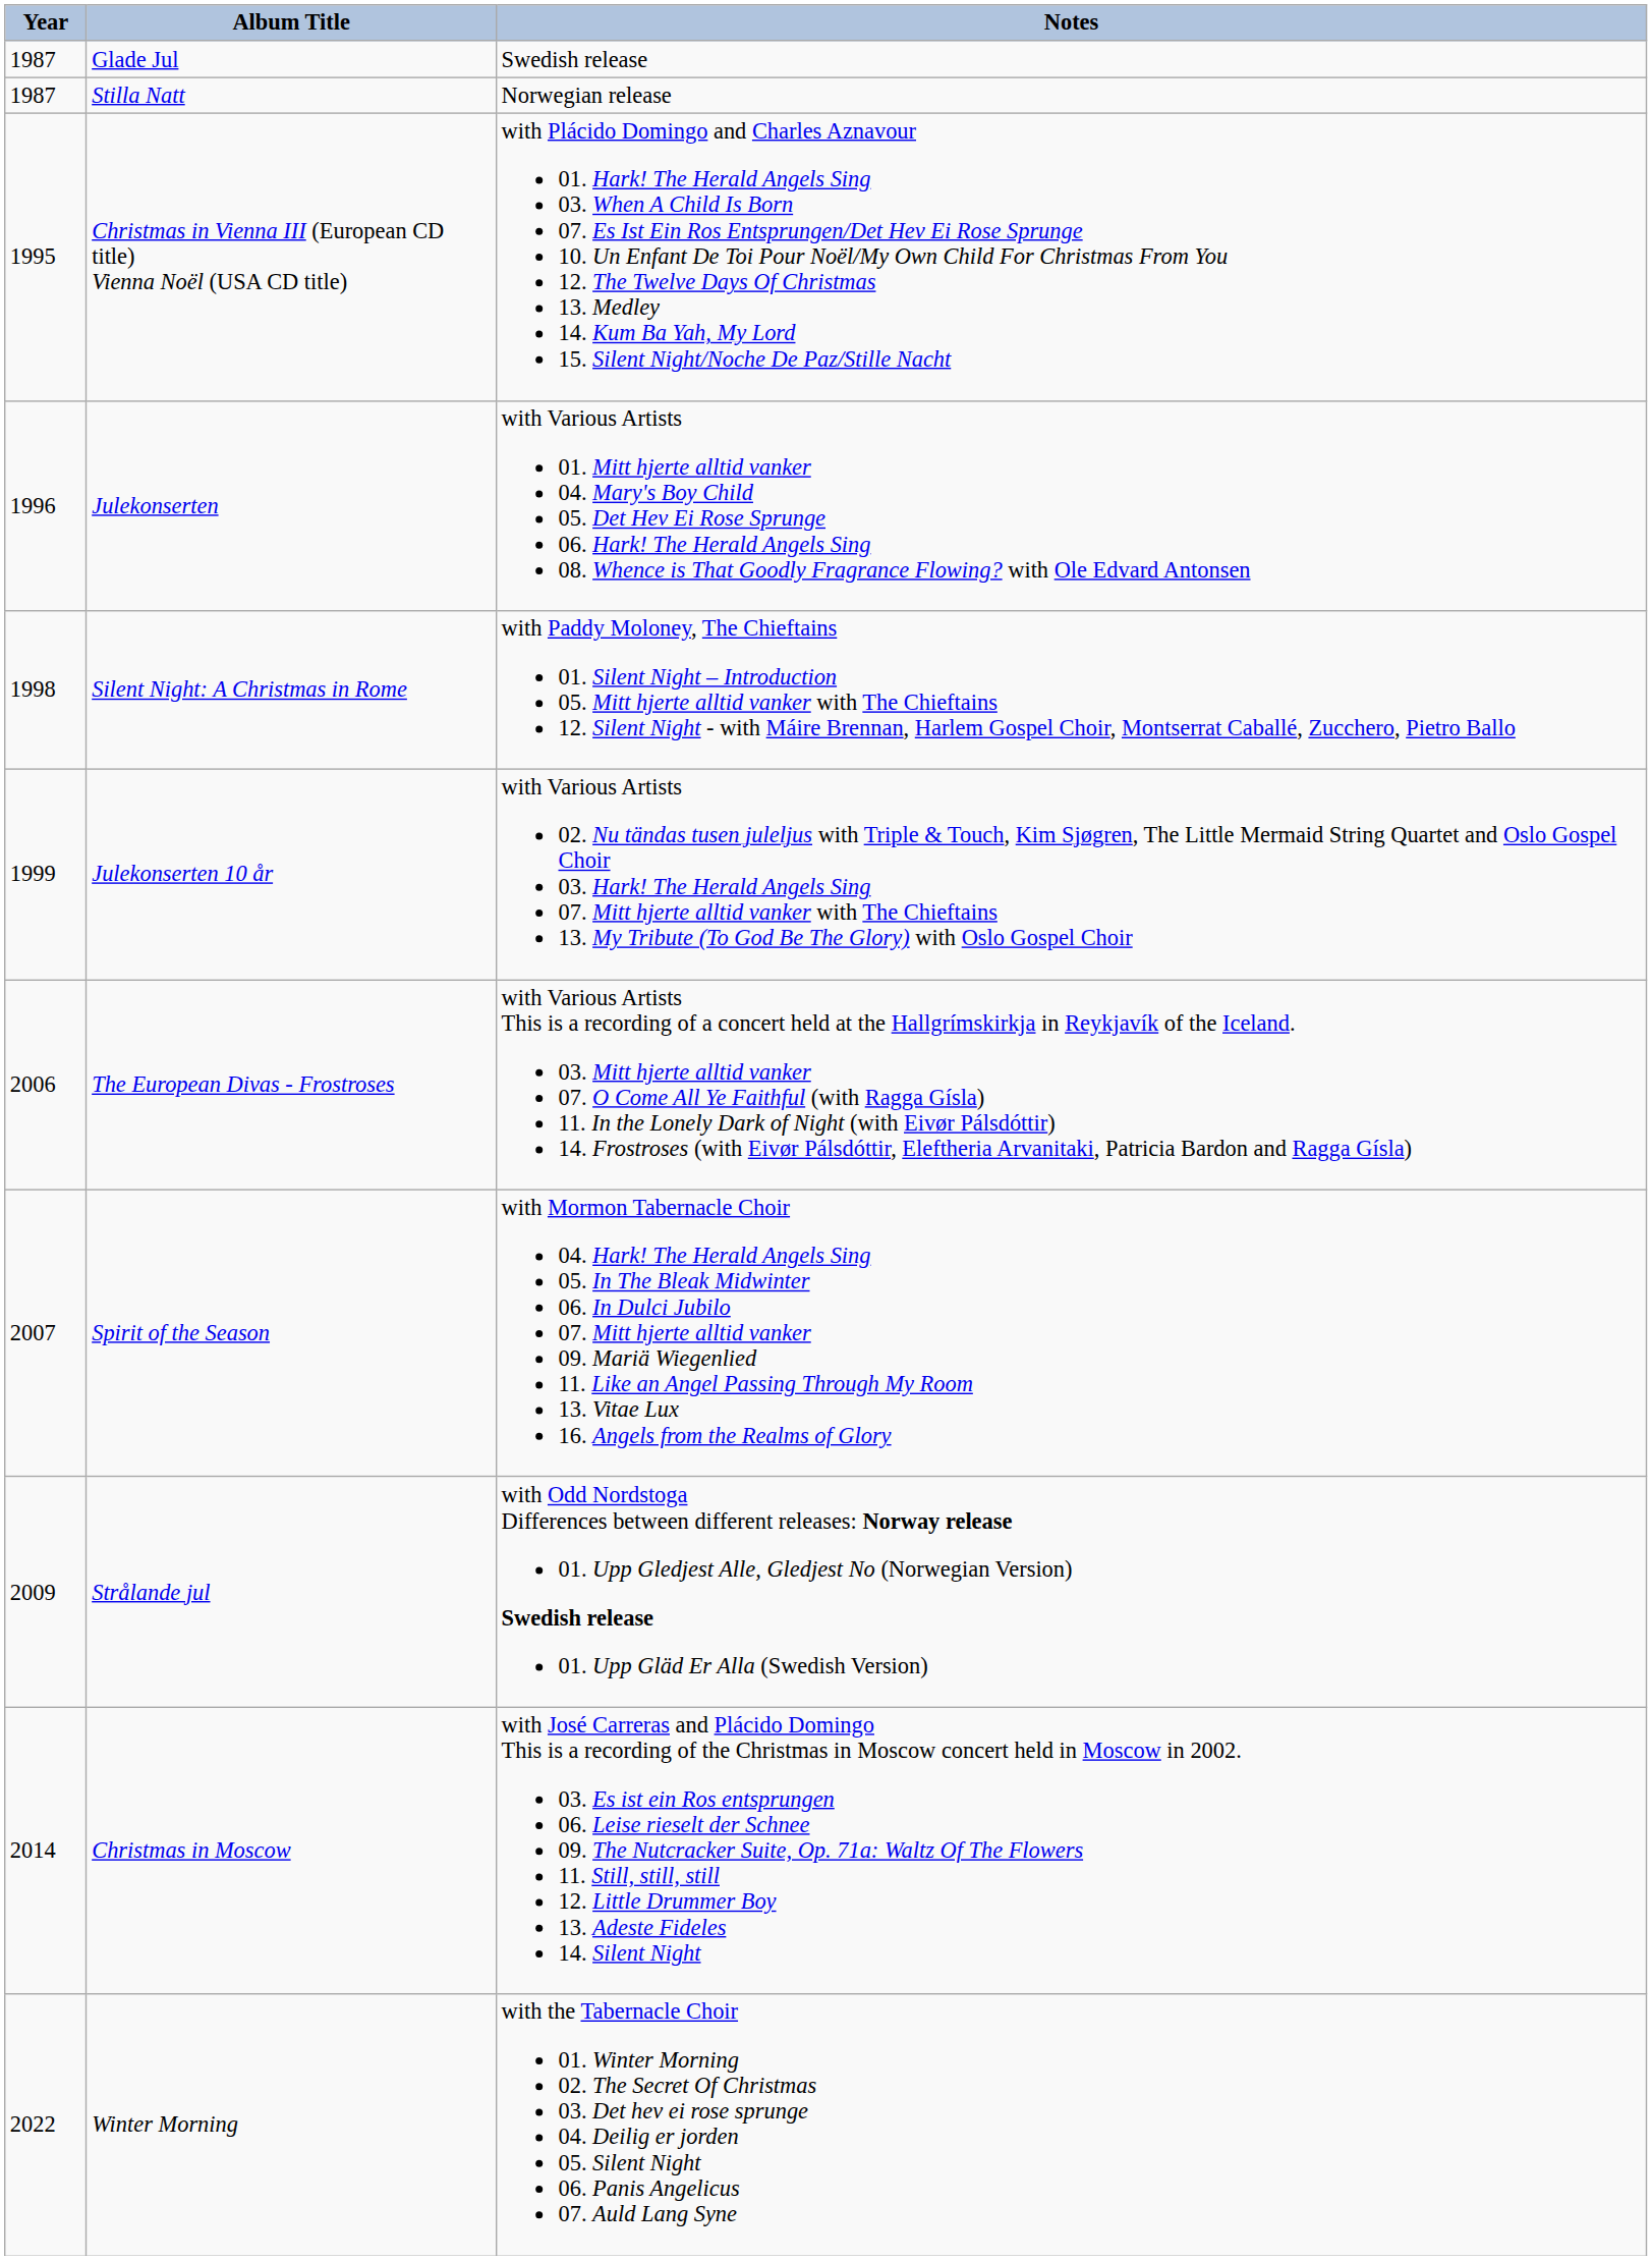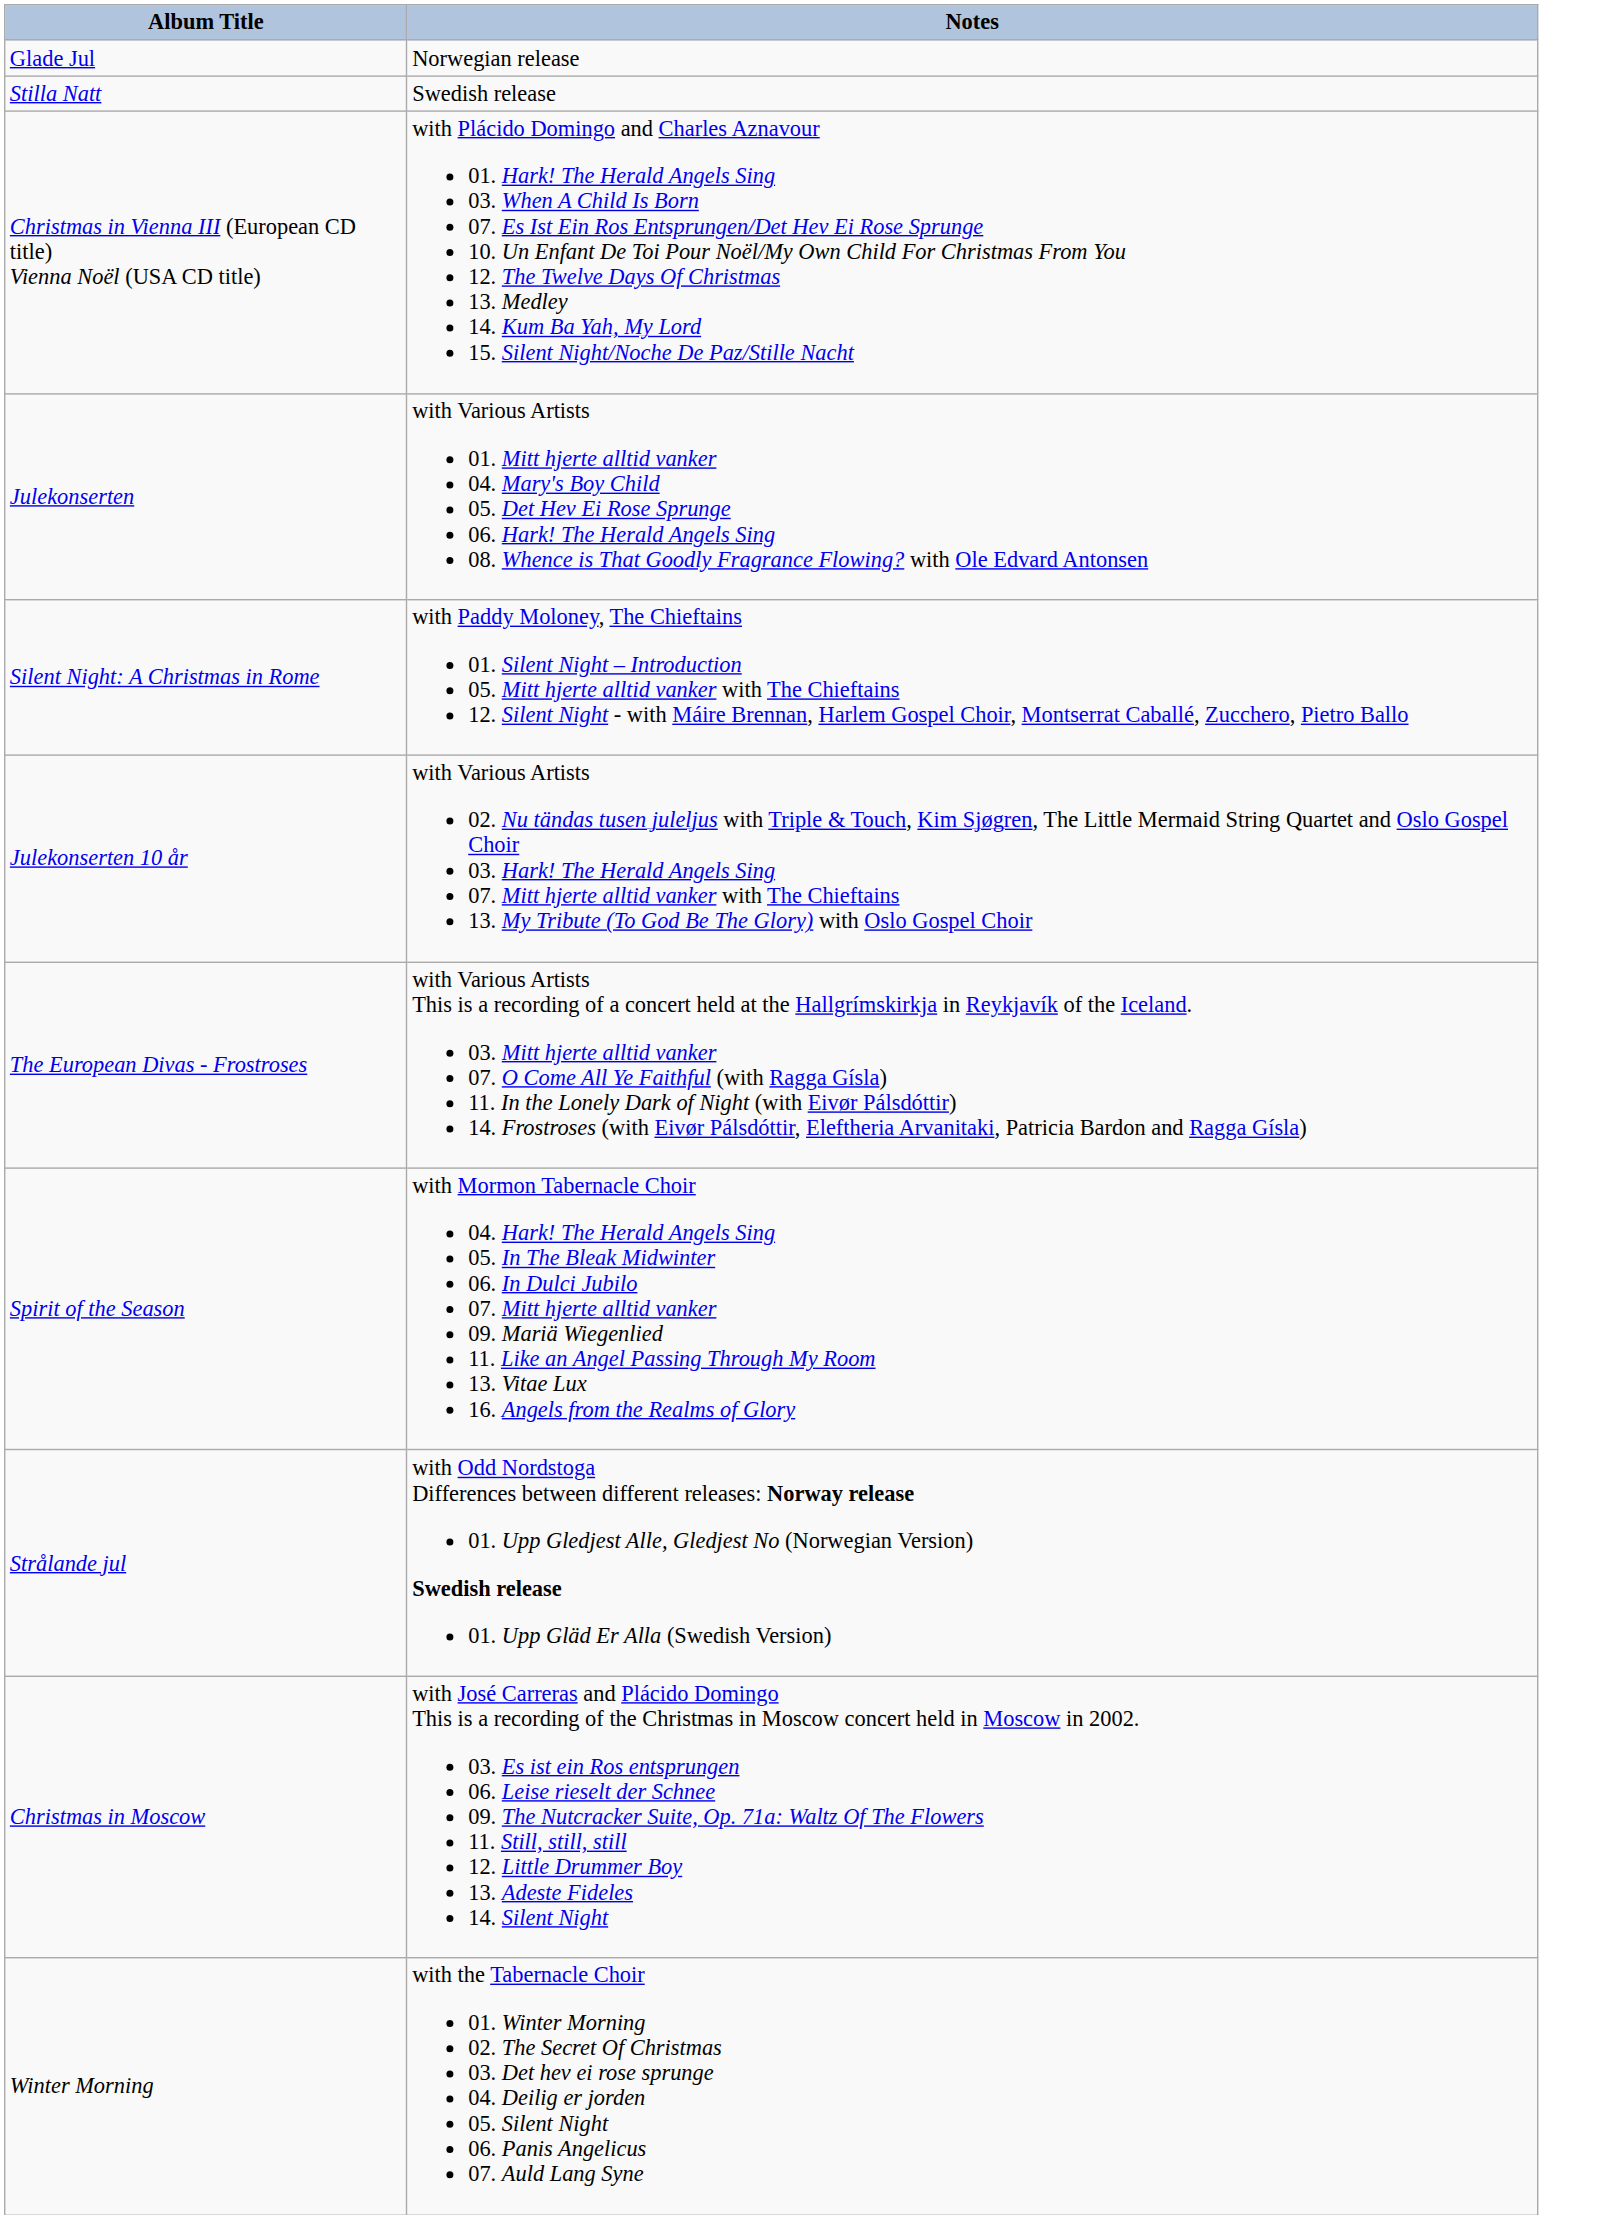 <table class="wikitable">
 <tr>
-<th style="background:#B0C4DE;" width="50">Year</th>
 <th style="background:#B0C4DE;" width="280">Album Title</th>
 <th style="background:#B0C4DE;" width="800">Notes</th>
 </tr>
 <tr>
-<td>1987</td>
 <td><a href='#'>Glade Jul</a></td>
+<td>Norwegian release</td>
+</tr>
+<tr>
+<td><em><a href='#'>Stilla Natt</a></em></td>
 <td>Swedish release</td>
 </tr>
 <tr>
-<td>1987</td>
-<td><em><a href='#'>Stilla Natt</a></em></td>
-<td>Norwegian release</td>
-</tr>
-<tr>
-<td>1995</td>
 <td><em><a href='#'>Christmas in Vienna III</a></em> (European CD title)<br><em>Vienna Noël</em> (USA CD title)</td>
 <td>with <a href='#'>Plácido Domingo</a> and <a href='#'>Charles Aznavour</a><br><ul><li>01. <em><a href='#'>Hark! The Herald Angels Sing</a></em></li><li>03. <em><a href='#'>When A Child Is Born</a></em></li><li>07. <em><a href='#'>Es Ist Ein Ros Entsprungen/Det Hev Ei Rose Sprunge</a></em></li><li>10. <em>Un Enfant De Toi Pour Noël/My Own Child For Christmas From You</em></li><li>12. <em><a href='#'>The Twelve Days Of Christmas</a></em></li><li>13. <em>Medley</em></li><li>14. <em><a href='#'>Kum Ba Yah, My Lord</a></em></li><li>15. <em><a href='#'>Silent Night/Noche De Paz/Stille Nacht</a></em></li></ul></td>
 </tr>
 <tr>
-<td>1996</td>
 <td><em><a href='#'>Julekonserten</a></em></td>
 <td>with Various Artists<br><ul><li>01. <em><a href='#'>Mitt hjerte alltid vanker</a></em></li><li>04. <em><a href='#'>Mary's Boy Child</a></em></li><li>05. <em><a href='#'>Det Hev Ei Rose Sprunge</a></em></li><li>06. <em><a href='#'>Hark! The Herald Angels Sing</a></em></li><li>08. <em><a href='#'>Whence is That Goodly Fragrance Flowing?</a></em> with <a href='#'>Ole Edvard Antonsen</a></li></ul></td>
 </tr>
 <tr>
-<td>1998</td>
 <td><em><a href='#'>Silent Night: A Christmas in Rome</a></em></td>
 <td>with <a href='#'>Paddy Moloney</a>, <a href='#'>The Chieftains</a><br><ul><li>01. <em><a href='#'>Silent Night – Introduction</a></em></li><li>05. <em><a href='#'>Mitt hjerte alltid vanker</a></em> with <a href='#'>The Chieftains</a></li><li>12. <em><a href='#'>Silent Night</a></em> - with <a href='#'>Máire Brennan</a>, <a href='#'>Harlem Gospel Choir</a>, <a href='#'>Montserrat Caballé</a>, <a href='#'>Zucchero</a>, <a href='#'>Pietro Ballo</a></li></ul></td>
 </tr>
 <tr>
-<td>1999</td>
 <td><em><a href='#'>Julekonserten 10 år</a></em></td>
 <td>with Various Artists<br><ul><li>02. <em><a href='#'>Nu tändas tusen juleljus</a></em> with <a href='#'>Triple & Touch</a>, <a href='#'>Kim Sjøgren</a>, The Little Mermaid String Quartet and <a href='#'>Oslo Gospel Choir</a></li><li>03. <em><a href='#'>Hark! The Herald Angels Sing</a></em></li><li>07. <em><a href='#'>Mitt hjerte alltid vanker</a></em> with <a href='#'>The Chieftains</a></li><li>13. <em><a href='#'>My Tribute (To God Be The Glory)</a></em> with <a href='#'>Oslo Gospel Choir</a></li></ul></td>
 </tr>
 <tr>
-<td>2006</td>
 <td><em><a href='#'>The European Divas - Frostroses</a></em></td>
 <td>with Various Artists<br>This is a recording of a concert held at the <a href='#'>Hallgrímskirkja</a> in <a href='#'>Reykjavík</a> of the <a href='#'>Iceland</a>. <ul><li>03. <em><a href='#'>Mitt hjerte alltid vanker</a></em></li><li>07. <em><a href='#'>O Come All Ye Faithful</a></em> (with <a href='#'>Ragga Gísla</a>)</li><li>11. <em>In the Lonely Dark of Night</em> (with <a href='#'>Eivør Pálsdóttir</a>)</li><li>14. <em>Frostroses</em> (with <a href='#'>Eivør Pálsdóttir</a>, <a href='#'>Eleftheria Arvanitaki</a>, Patricia Bardon and <a href='#'>Ragga Gísla</a>)</li></ul></td>
 </tr>
 <tr>
-<td>2007</td>
 <td><em><a href='#'>Spirit of the Season</a></em></td>
 <td>with <a href='#'>Mormon Tabernacle Choir</a><br><ul><li>04. <em><a href='#'>Hark! The Herald Angels Sing</a></em></li><li>05. <em><a href='#'>In The Bleak Midwinter</a></em></li><li>06. <em><a href='#'>In Dulci Jubilo</a></em></li><li>07. <em><a href='#'>Mitt hjerte alltid vanker</a></em></li><li>09. <em>Mariä Wiegenlied</em></li><li>11. <em><a href='#'>Like an Angel Passing Through My Room</a></em></li><li>13. <em>Vitae Lux</em></li><li>16. <em><a href='#'>Angels from the Realms of Glory</a></em></li></ul></td>
 </tr>
 <tr>
-<td>2009</td>
 <td><em><a href='#'>Strålande jul</a></em></td>
 <td>with <a href='#'>Odd Nordstoga</a><br>Differences between different releases:  <strong>Norway release</strong><ul><li>01. <em>Upp Gledjest Alle, Gledjest No</em> (Norwegian Version)</li></ul><strong>Swedish release</strong><ul><li>01. <em>Upp Gläd Er Alla</em> (Swedish Version)</li></ul></td>
 </tr>
 <tr>
-<td>2014</td>
 <td><em><a href='#'>Christmas in Moscow</a></em></td>
 <td>with <a href='#'>José Carreras</a> and <a href='#'>Plácido Domingo</a><br>This is a recording of the Christmas in Moscow concert held in <a href='#'>Moscow</a> in 2002. <ul><li>03. <em><a href='#'>Es ist ein Ros entsprungen</a></em></li><li>06. <em><a href='#'>Leise rieselt der Schnee</a></em></li><li>09. <em><a href='#'>The Nutcracker Suite, Op. 71a: Waltz Of The Flowers</a></em></li><li>11. <em><a href='#'>Still, still, still</a></em></li><li>12. <em><a href='#'>Little Drummer Boy</a></em></li><li>13. <em><a href='#'>Adeste Fideles</a></em></li><li>14. <em><a href='#'>Silent Night</a></em></li></ul></td>
 </tr>
 <tr>
-<td>2022</td>
 <td><em>Winter Morning</em></td>
 <td>with the <a href='#'>Tabernacle Choir</a><br><ul><li>01. <em>Winter Morning</em></li><li>02. <em>The Secret Of Christmas</em></li><li>03. <em>Det hev ei rose sprunge</em></li><li>04. <em>Deilig er jorden</em></li><li>05. <em>Silent Night</em></li><li>06. <em>Panis Angelicus</em></li><li>07. <em>Auld Lang Syne</em></li></ul></td>
 </tr>
 </table>
